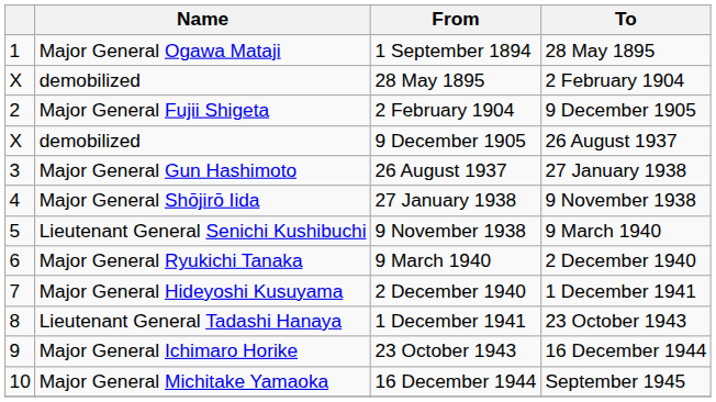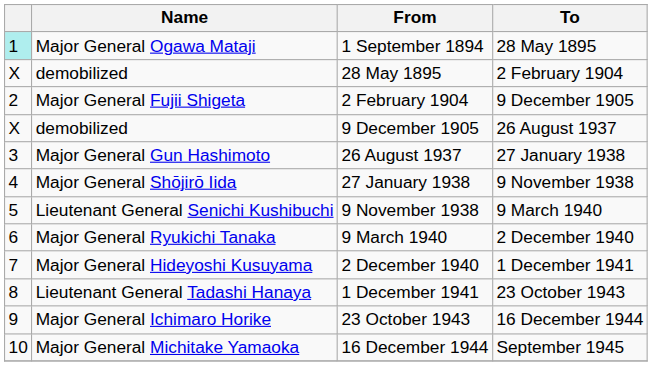 <table class=wikitable>
 <tr>
 <th></th>
 <th>Name</th>
 <th>From</th>
 <th>To</th>
 </tr>
 <tr>
-<td>1</td>
+<td style="background: paleturquoise;">1</td>
 <td>Major General <a href='#'>Ogawa Mataji</a></td>
 <td>1 September 1894</td>
 <td>28 May 1895</td>
 </tr>
 <tr>
 <td>X</td>
 <td>demobilized</td>
 <td>28 May 1895</td>
 <td>2 February 1904</td>
 </tr>
 <tr>
 <td>2</td>
 <td>Major General <a href='#'>Fujii Shigeta</a></td>
 <td>2 February 1904</td>
 <td>9 December 1905</td>
 </tr>
 <tr>
 <td>X</td>
 <td>demobilized</td>
 <td>9 December 1905</td>
 <td>26 August 1937</td>
 </tr>
 <tr>
 <td>3</td>
 <td>Major General <a href='#'>Gun Hashimoto</a></td>
 <td>26 August 1937</td>
 <td>27 January 1938</td>
 </tr>
 <tr>
 <td>4</td>
 <td>Major General <a href='#'>Shōjirō Iida</a></td>
 <td>27 January 1938</td>
 <td>9 November 1938</td>
 </tr>
 <tr>
 <td>5</td>
 <td>Lieutenant General <a href='#'>Senichi Kushibuchi</a></td>
 <td>9 November 1938</td>
 <td>9 March 1940</td>
 </tr>
 <tr>
 <td>6</td>
 <td>Major General <a href='#'>Ryukichi Tanaka</a></td>
 <td>9 March 1940</td>
 <td>2 December 1940</td>
 </tr>
 <tr>
 <td>7</td>
 <td>Major General <a href='#'>Hideyoshi Kusuyama</a></td>
 <td>2 December 1940</td>
 <td>1 December 1941</td>
 </tr>
 <tr>
 <td>8</td>
 <td>Lieutenant General <a href='#'>Tadashi Hanaya</a></td>
 <td>1 December 1941</td>
 <td>23 October 1943</td>
 </tr>
 <tr>
 <td>9</td>
 <td>Major General <a href='#'>Ichimaro Horike</a></td>
 <td>23 October 1943</td>
 <td>16 December 1944</td>
 </tr>
 <tr>
 <td>10</td>
 <td>Major General <a href='#'>Michitake Yamaoka</a></td>
 <td>16 December 1944</td>
 <td>September 1945</td>
 </tr>
 <tr>
 </tr>
 </table>
